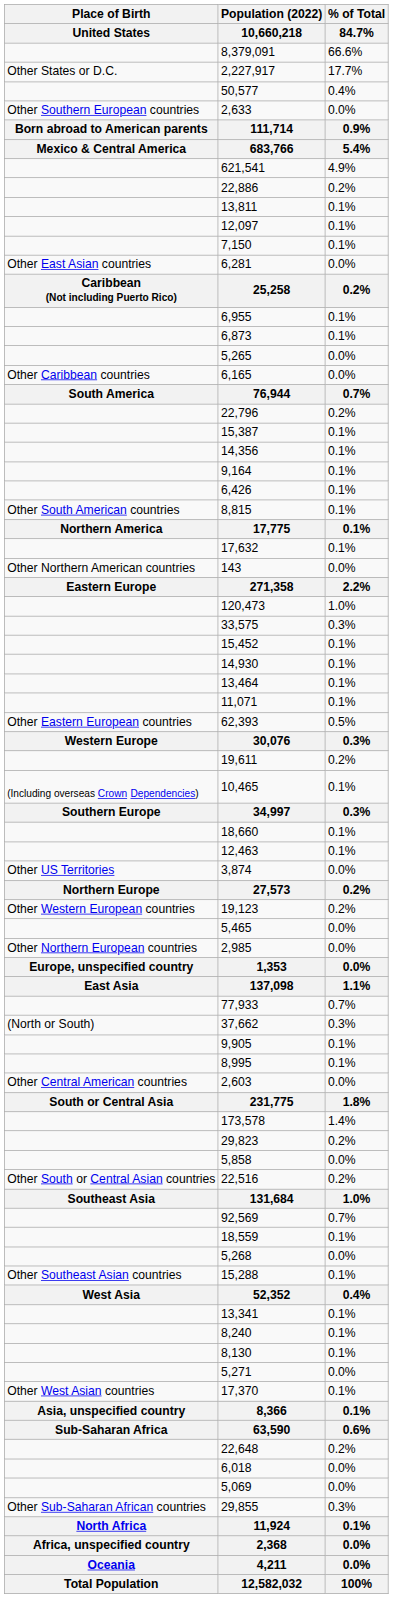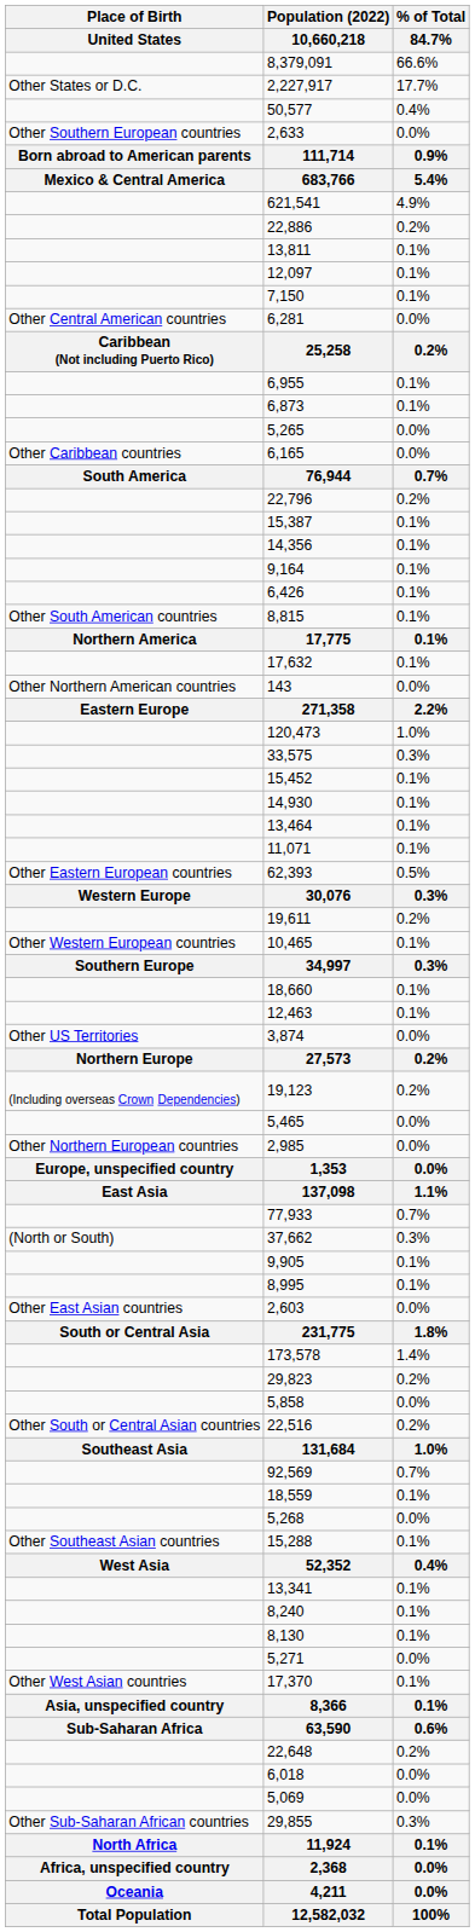 <table class="wikitable">
 <tr>
 <th>Place of Birth</th>
 <th>Population (2022)</th>
 <th>% of Total</th>
 </tr>
 <tr>
 <th>United States</th>
 <th>10,660,218</th>
 <th>84.7%</th>
 </tr>
 <tr>
 <td></td>
 <td>8,379,091</td>
 <td>66.6%</td>
 </tr>
 <tr>
 <td>Other States or D.C.</td>
 <td>2,227,917</td>
 <td>17.7%</td>
 </tr>
 <tr>
 <td></td>
 <td>50,577</td>
 <td>0.4%</td>
 </tr>
 <tr>
 <td>Other <a href='#'>Southern European</a> countries</td>
 <td>2,633</td>
 <td>0.0%</td>
 </tr>
 <tr>
 <th>Born abroad to American parents</th>
 <th>111,714</th>
 <th>0.9%</th>
 </tr>
 <tr>
 <th>Mexico & Central America</th>
 <th>683,766</th>
 <th>5.4%</th>
 </tr>
 <tr>
 <td></td>
 <td>621,541</td>
 <td>4.9%</td>
 </tr>
 <tr>
 <td></td>
 <td>22,886</td>
 <td>0.2%</td>
 </tr>
 <tr>
 <td></td>
 <td>13,811</td>
 <td>0.1%</td>
 </tr>
 <tr>
 <td></td>
 <td>12,097</td>
 <td>0.1%</td>
 </tr>
 <tr>
 <td></td>
 <td>7,150</td>
 <td>0.1%</td>
 </tr>
 <tr>
-<td>Other <a href='#'>East Asian</a> countries</td>
+<td>Other <a href='#'>Central American</a> countries</td>
 <td>6,281</td>
 <td>0.0%</td>
 </tr>
 <tr>
 <th>Caribbean<br><small>(Not including Puerto Rico)</small></th>
 <th>25,258</th>
 <th>0.2%</th>
 </tr>
 <tr>
 <td></td>
 <td>6,955</td>
 <td>0.1%</td>
 </tr>
 <tr>
 <td></td>
 <td>6,873</td>
 <td>0.1%</td>
 </tr>
 <tr>
 <td></td>
 <td>5,265</td>
 <td>0.0%</td>
 </tr>
 <tr>
 <td>Other <a href='#'>Caribbean</a> countries</td>
 <td>6,165</td>
 <td>0.0%</td>
 </tr>
 <tr>
 <th>South America</th>
 <th>76,944</th>
 <th>0.7%</th>
 </tr>
 <tr>
 <td></td>
 <td>22,796</td>
 <td>0.2%</td>
 </tr>
 <tr>
 <td></td>
 <td>15,387</td>
 <td>0.1%</td>
 </tr>
 <tr>
 <td></td>
 <td>14,356</td>
 <td>0.1%</td>
 </tr>
 <tr>
 <td></td>
 <td>9,164</td>
 <td>0.1%</td>
 </tr>
 <tr>
 <td></td>
 <td>6,426</td>
 <td>0.1%</td>
 </tr>
 <tr>
 <td>Other <a href='#'>South American</a> countries</td>
 <td>8,815</td>
 <td>0.1%</td>
 </tr>
 <tr>
 <th>Northern America</th>
 <th>17,775</th>
 <th>0.1%</th>
 </tr>
 <tr>
 <td></td>
 <td>17,632</td>
 <td>0.1%</td>
 </tr>
 <tr>
 <td>Other Northern American countries</td>
 <td>143</td>
 <td>0.0%</td>
 </tr>
 <tr>
 <th>Eastern Europe</th>
 <th>271,358</th>
 <th>2.2%</th>
 </tr>
 <tr>
 <td></td>
 <td>120,473</td>
 <td>1.0%</td>
 </tr>
 <tr>
 <td></td>
 <td>33,575</td>
 <td>0.3%</td>
 </tr>
 <tr>
 <td></td>
 <td>15,452</td>
 <td>0.1%</td>
 </tr>
 <tr>
 <td></td>
 <td>14,930</td>
 <td>0.1%</td>
 </tr>
 <tr>
 <td></td>
 <td>13,464</td>
 <td>0.1%</td>
 </tr>
 <tr>
 <td></td>
 <td>11,071</td>
 <td>0.1%</td>
 </tr>
 <tr>
 <td>Other <a href='#'>Eastern European</a> countries</td>
 <td>62,393</td>
 <td>0.5%</td>
 </tr>
 <tr>
 <th>Western Europe</th>
 <th>30,076</th>
 <th>0.3%</th>
 </tr>
 <tr>
 <td></td>
 <td>19,611</td>
 <td>0.2%</td>
 </tr>
 <tr>
-<td><br><small>(Including overseas <a href='#'>Crown</a></small> <small><a href='#'>Dependencies</a>)</small></td>
+<td>Other <a href='#'>Western European</a> countries</td>
 <td>10,465</td>
 <td>0.1%</td>
 </tr>
 <tr>
 <th>Southern Europe</th>
 <th>34,997</th>
 <th>0.3%</th>
 </tr>
 <tr>
 <td></td>
 <td>18,660</td>
 <td>0.1%</td>
 </tr>
 <tr>
 <td></td>
 <td>12,463</td>
 <td>0.1%</td>
 </tr>
 <tr>
 <td>Other <a href='#'>US Territories</a></td>
 <td>3,874</td>
 <td>0.0%</td>
 </tr>
 <tr>
 <th>Northern Europe</th>
 <th>27,573</th>
 <th>0.2%</th>
 </tr>
 <tr>
-<td>Other <a href='#'>Western European</a> countries</td>
+<td><br><small>(Including overseas <a href='#'>Crown</a></small> <small><a href='#'>Dependencies</a>)</small></td>
 <td>19,123</td>
 <td>0.2%</td>
 </tr>
 <tr>
 <td></td>
 <td>5,465</td>
 <td>0.0%</td>
 </tr>
 <tr>
 <td>Other <a href='#'>Northern European</a> countries</td>
 <td>2,985</td>
 <td>0.0%</td>
 </tr>
 <tr>
 <th>Europe, unspecified country</th>
 <th>1,353</th>
 <th>0.0%</th>
 </tr>
 <tr>
 <th>East Asia</th>
 <th>137,098</th>
 <th>1.1%</th>
 </tr>
 <tr>
 <td></td>
 <td>77,933</td>
 <td>0.7%</td>
 </tr>
 <tr>
 <td> (North or South)</td>
 <td>37,662</td>
 <td>0.3%</td>
 </tr>
 <tr>
 <td></td>
 <td>9,905</td>
 <td>0.1%</td>
 </tr>
 <tr>
 <td></td>
 <td>8,995</td>
 <td>0.1%</td>
 </tr>
 <tr>
-<td>Other <a href='#'>Central American</a> countries</td>
+<td>Other <a href='#'>East Asian</a> countries</td>
 <td>2,603</td>
 <td>0.0%</td>
 </tr>
 <tr>
 <th>South or Central Asia</th>
 <th>231,775</th>
 <th>1.8%</th>
 </tr>
 <tr>
 <td></td>
 <td>173,578</td>
 <td>1.4%</td>
 </tr>
 <tr>
 <td></td>
 <td>29,823</td>
 <td>0.2%</td>
 </tr>
 <tr>
 <td></td>
 <td>5,858</td>
 <td>0.0%</td>
 </tr>
 <tr>
 <td>Other <a href='#'>South</a> or <a href='#'>Central Asian</a> countries</td>
 <td>22,516</td>
 <td>0.2%</td>
 </tr>
 <tr>
 <th>Southeast Asia</th>
 <th>131,684</th>
 <th>1.0%</th>
 </tr>
 <tr>
 <td></td>
 <td>92,569</td>
 <td>0.7%</td>
 </tr>
 <tr>
 <td></td>
 <td>18,559</td>
 <td>0.1%</td>
 </tr>
 <tr>
 <td></td>
 <td>5,268</td>
 <td>0.0%</td>
 </tr>
 <tr>
 <td>Other <a href='#'>Southeast Asian</a> countries</td>
 <td>15,288</td>
 <td>0.1%</td>
 </tr>
 <tr>
 <th>West Asia</th>
 <th>52,352</th>
 <th>0.4%</th>
 </tr>
 <tr>
 <td></td>
 <td>13,341</td>
 <td>0.1%</td>
 </tr>
 <tr>
 <td></td>
 <td>8,240</td>
 <td>0.1%</td>
 </tr>
 <tr>
 <td></td>
 <td>8,130</td>
 <td>0.1%</td>
 </tr>
 <tr>
 <td></td>
 <td>5,271</td>
 <td>0.0%</td>
 </tr>
 <tr>
 <td>Other <a href='#'>West Asian</a> countries</td>
 <td>17,370</td>
 <td>0.1%</td>
 </tr>
 <tr>
 <th>Asia, unspecified country</th>
 <th>8,366</th>
 <th>0.1%</th>
 </tr>
 <tr>
 <th>Sub-Saharan Africa</th>
 <th>63,590</th>
 <th>0.6%</th>
 </tr>
 <tr>
 <td></td>
 <td>22,648</td>
 <td>0.2%</td>
 </tr>
 <tr>
 <td></td>
 <td>6,018</td>
 <td>0.0%</td>
 </tr>
 <tr>
 <td></td>
 <td>5,069</td>
 <td>0.0%</td>
 </tr>
 <tr>
 <td>Other <a href='#'>Sub-Saharan African</a> countries</td>
 <td>29,855</td>
 <td>0.3%</td>
 </tr>
 <tr>
 <th><a href='#'>North Africa</a></th>
 <th>11,924</th>
 <th>0.1%</th>
 </tr>
 <tr>
 <th>Africa, unspecified country</th>
 <th>2,368</th>
 <th>0.0%</th>
 </tr>
 <tr>
 <th><a href='#'>Oceania</a></th>
 <th>4,211</th>
 <th>0.0%</th>
 </tr>
 <tr>
 <th>Total Population</th>
 <th><strong>12,582,032</strong></th>
 <th>100%</th>
 </tr>
 </table>
